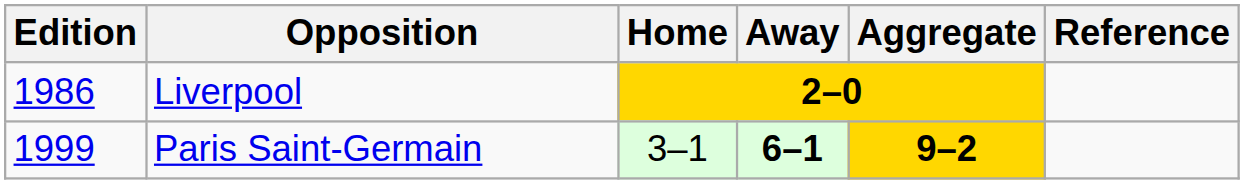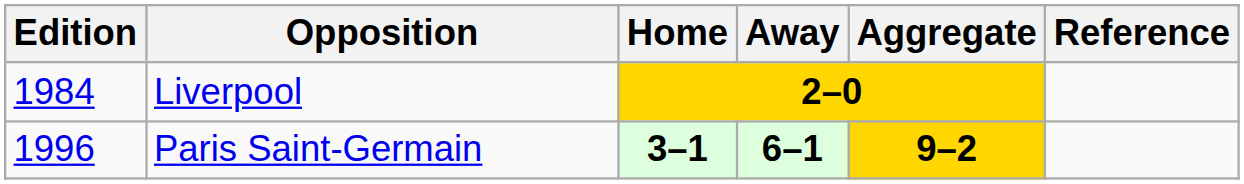 <table class="wikitable">
 <tr>
 <th>Edition</th>
 <th width=200>Opposition</th>
 <th>Home</th>
 <th>Away</th>
 <th>Aggregate</th>
 <th>Reference</th>
 </tr>
 <tr>
-<td><a href='#'>1986</a></td>
+<td><a href='#'>1984</a></td>
 <td> <a href='#'>Liverpool</a></td>
 <td bgcolor=Gold colspan="3" style="text-align:center;"><strong>2–0</strong></td>
 <td></td>
 </tr>
 <tr>
-<td><a href='#'>1999</a></td>
+<td><a href='#'>1996</a></td>
 <td> <a href='#'>Paris Saint-Germain</a></td>
-<td style="text-align:center; background:#dfd;">3–1</td>
+<td style="text-align:center; background:#dfd;"><strong>3–1</strong></td>
 <td style="text-align:center; background:#dfd;"><strong>6–1</strong></td>
 <td bgcolor=Gold style="text-align:center;"><strong>9–2</strong></td>
 <td></td>
 </tr>
 </table>
